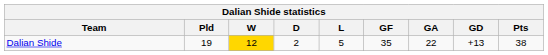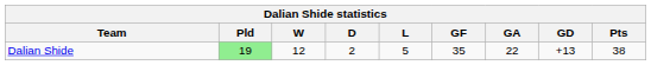 <table width=70% class="wikitable" style="text-align:">
 <tr>
 <th colspan=9>Dalian Shide statistics</th>
 </tr>
 <tr>
 <th width=20%>Team</th>
 <th width=5%>Pld</th>
 <th width=5%>W</th>
 <th width=5%>D</th>
 <th width=5%>L</th>
 <th width=5%>GF</th>
 <th width=5%>GA</th>
 <th width=5%>GD</th>
 <th width=5%>Pts</th>
 </tr>
 <tr align=center>
 <td align=left> <a href='#'>Dalian Shide</a></td>
-<td>19</td>
-<td style="background: gold;">12</td>
+<td style="background: lightgreen;">19</td>
+<td>12</td>
 <td>2</td>
 <td>5</td>
 <td>35</td>
 <td>22</td>
 <td>+13</td>
 <td>38</td>
 </tr>
 </table>
